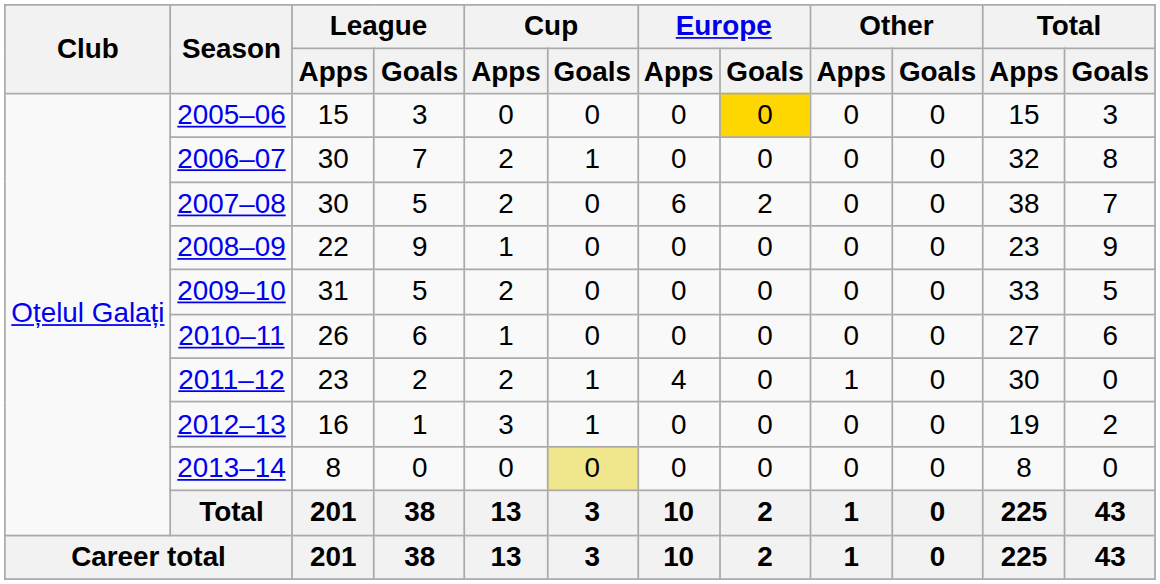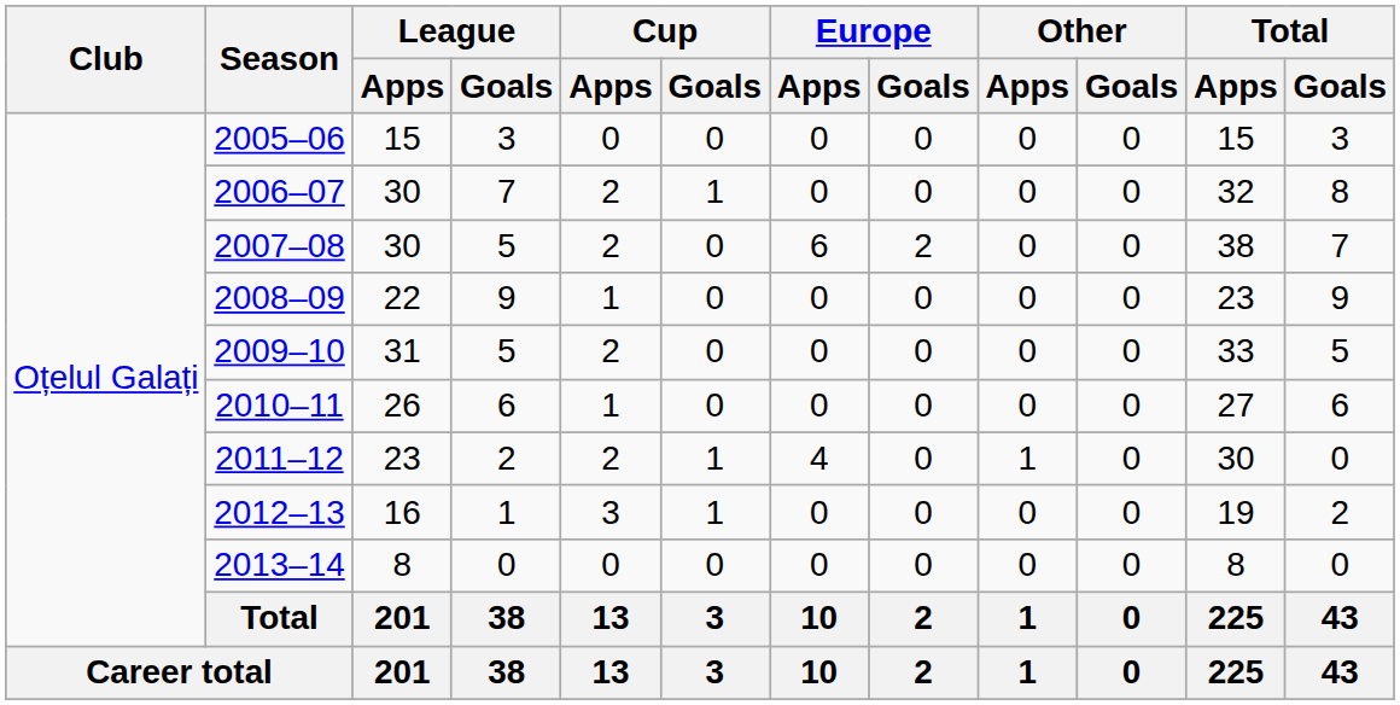 <table class="wikitable" style="text-align: center;">
 <tr>
 <th rowspan="2">Club</th>
 <th rowspan="2">Season</th>
 <th colspan="2">League</th>
 <th colspan="2">Cup</th>
 <th colspan="2"><a href='#'>Europe</a></th>
 <th colspan="2">Other</th>
 <th colspan="2">Total</th>
 </tr>
 <tr>
 <th>Apps</th>
 <th>Goals</th>
 <th>Apps</th>
 <th>Goals</th>
 <th>Apps</th>
 <th>Goals</th>
 <th>Apps</th>
 <th>Goals</th>
 <th>Apps</th>
 <th>Goals</th>
 </tr>
 <tr>
 <td rowspan="10"><a href='#'>Oțelul Galați</a></td>
 <td><a href='#'>2005–06</a></td>
 <td>15</td>
 <td>3</td>
 <td>0</td>
 <td>0</td>
 <td>0</td>
-<td style="background: gold;">0</td>
+<td>0</td>
 <td>0</td>
 <td>0</td>
 <td>15</td>
 <td>3</td>
 </tr>
 <tr>
 <td><a href='#'>2006–07</a></td>
 <td>30</td>
 <td>7</td>
 <td>2</td>
 <td>1</td>
 <td>0</td>
 <td>0</td>
 <td>0</td>
 <td>0</td>
 <td>32</td>
 <td>8</td>
 </tr>
 <tr>
 <td><a href='#'>2007–08</a></td>
 <td>30</td>
 <td>5</td>
 <td>2</td>
 <td>0</td>
 <td>6</td>
 <td>2</td>
 <td>0</td>
 <td>0</td>
 <td>38</td>
 <td>7</td>
 </tr>
 <tr>
 <td><a href='#'>2008–09</a></td>
 <td>22</td>
 <td>9</td>
 <td>1</td>
 <td>0</td>
 <td>0</td>
 <td>0</td>
 <td>0</td>
 <td>0</td>
 <td>23</td>
 <td>9</td>
 </tr>
 <tr>
 <td><a href='#'>2009–10</a></td>
 <td>31</td>
 <td>5</td>
 <td>2</td>
 <td>0</td>
 <td>0</td>
 <td>0</td>
 <td>0</td>
 <td>0</td>
 <td>33</td>
 <td>5</td>
 </tr>
 <tr>
 <td><a href='#'>2010–11</a></td>
 <td>26</td>
 <td>6</td>
 <td>1</td>
 <td>0</td>
 <td>0</td>
 <td>0</td>
 <td>0</td>
 <td>0</td>
 <td>27</td>
 <td>6</td>
 </tr>
 <tr>
 <td><a href='#'>2011–12</a></td>
 <td>23</td>
 <td>2</td>
 <td>2</td>
 <td>1</td>
 <td>4</td>
 <td>0</td>
 <td>1</td>
 <td>0</td>
 <td>30</td>
 <td>0</td>
 </tr>
 <tr>
 <td><a href='#'>2012–13</a></td>
 <td>16</td>
 <td>1</td>
 <td>3</td>
 <td>1</td>
 <td>0</td>
 <td>0</td>
 <td>0</td>
 <td>0</td>
 <td>19</td>
 <td>2</td>
 </tr>
 <tr>
 <td><a href='#'>2013–14</a></td>
 <td>8</td>
 <td>0</td>
 <td>0</td>
-<td style="background: khaki;">0</td>
+<td>0</td>
 <td>0</td>
 <td>0</td>
 <td>0</td>
 <td>0</td>
 <td>8</td>
 <td>0</td>
 </tr>
 <tr>
 <th>Total</th>
 <th>201</th>
 <th>38</th>
 <th>13</th>
 <th>3</th>
 <th>10</th>
 <th>2</th>
 <th>1</th>
 <th>0</th>
 <th>225</th>
 <th>43</th>
 </tr>
 <tr>
 <th colspan="2">Career total</th>
 <th>201</th>
 <th>38</th>
 <th>13</th>
 <th>3</th>
 <th>10</th>
 <th>2</th>
 <th>1</th>
 <th>0</th>
 <th>225</th>
 <th>43</th>
 </tr>
 </table>
